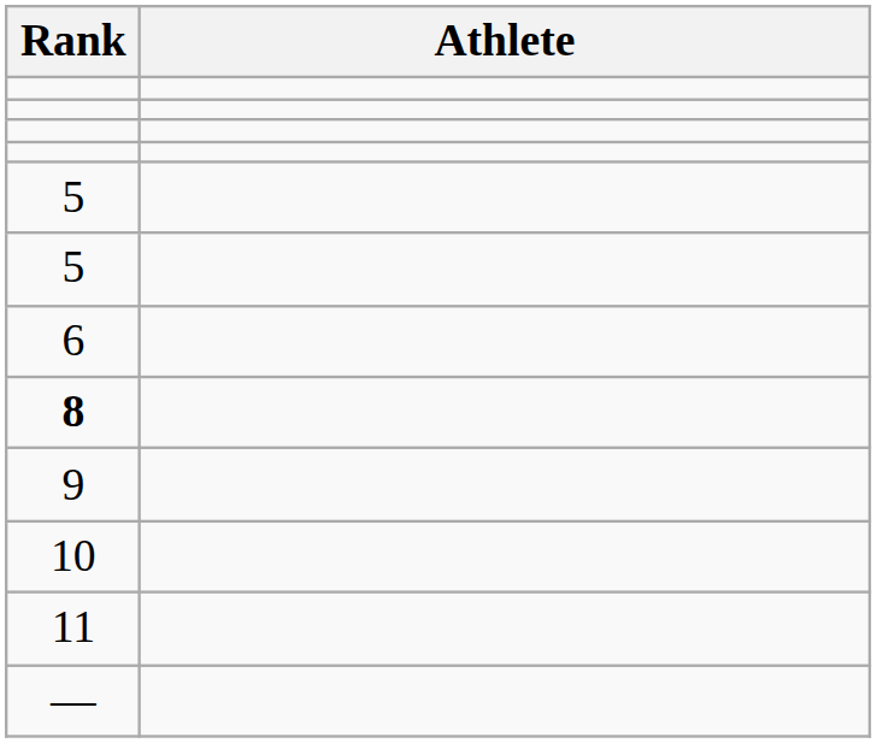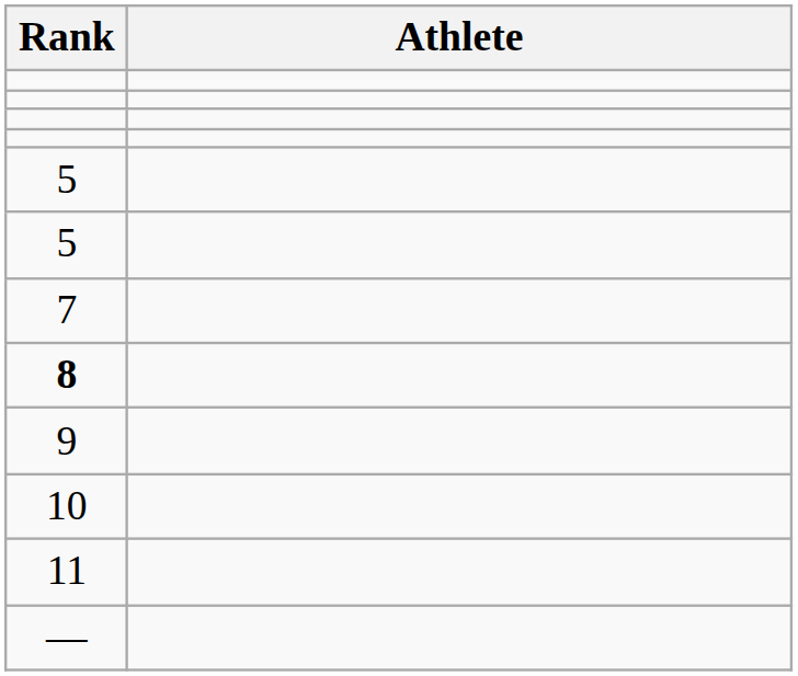 <table class="wikitable" style="text-align: center;">
 <tr>
 <th width=40>Rank</th>
 <th width=250>Athlete</th>
 </tr>
 <tr>
 <td></td>
 <td align="left"></td>
 </tr>
 <tr>
 <td></td>
 <td align="left"></td>
 </tr>
 <tr>
 <td></td>
 <td align="left"></td>
 </tr>
 <tr>
 <td></td>
 <td align="left"></td>
 </tr>
 <tr>
 <td>5</td>
 <td align="left"></td>
 </tr>
 <tr>
 <td>5</td>
 <td align="left"></td>
 </tr>
 <tr>
-<td>6</td>
+<td>7</td>
 <td align="left"></td>
 </tr>
 <tr>
 <td><strong>8</strong></td>
 <td align="left"></td>
 </tr>
 <tr>
 <td>9</td>
 <td align="left"></td>
 </tr>
 <tr>
 <td>10</td>
 <td align="left"></td>
 </tr>
 <tr>
 <td>11</td>
 <td align="left"></td>
 </tr>
 <tr>
 <td>—</td>
 <td align="left"></td>
 </tr>
 </table>
